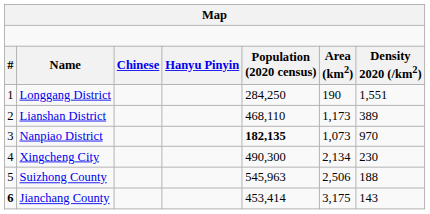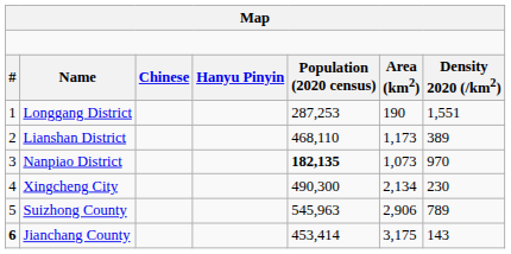 <table class="wikitable"  style="font-size:90%;" align=center>
 <tr>
 <th colspan="7" align="center">Map</th>
 </tr>
 <tr>
 <td colspan="7" align="center"><div><br>         </div></td>
 </tr>
 <tr>
 <th>#</th>
 <th>Name</th>
 <th><a href='#'>Chinese</a></th>
 <th><a href='#'>Hanyu Pinyin</a></th>
 <th>Population <br>(2020 census)</th>
 <th>Area <br>(km<sup>2</sup>)</th>
 <th>Density <br> 2020 (/km<sup>2</sup>)</th>
 </tr>
 <tr --------->
 <td>1</td>
 <td><a href='#'>Longgang District</a></td>
 <td></td>
 <td></td>
-<td>284,250</td>
+<td>287,253</td>
 <td>190</td>
 <td>1,551</td>
 </tr>
 <tr --------->
 <td>2</td>
 <td><a href='#'>Lianshan District</a></td>
 <td></td>
 <td></td>
 <td>468,110</td>
 <td>1,173</td>
 <td>389</td>
 </tr>
 <tr --------->
 <td>3</td>
 <td><a href='#'>Nanpiao District</a></td>
 <td></td>
 <td></td>
 <td><strong>182,135</strong></td>
 <td>1,073</td>
 <td>970</td>
 </tr>
 <tr --------->
 <td>4</td>
 <td><a href='#'>Xingcheng City</a></td>
 <td></td>
 <td></td>
 <td>490,300</td>
 <td>2,134</td>
 <td>230</td>
 </tr>
 <tr --------->
 <td>5</td>
 <td><a href='#'>Suizhong County</a></td>
 <td></td>
 <td></td>
 <td>545,963</td>
-<td>2,506</td>
-<td>188</td>
+<td>2,906</td>
+<td>789</td>
 </tr>
 <tr --------->
 <td><strong>6</strong></td>
 <td><a href='#'>Jianchang County</a></td>
 <td></td>
 <td></td>
 <td>453,414</td>
 <td>3,175</td>
 <td>143</td>
 </tr>
 </table>
